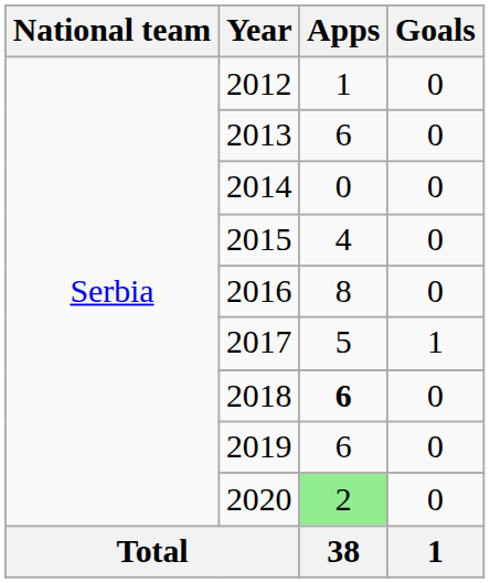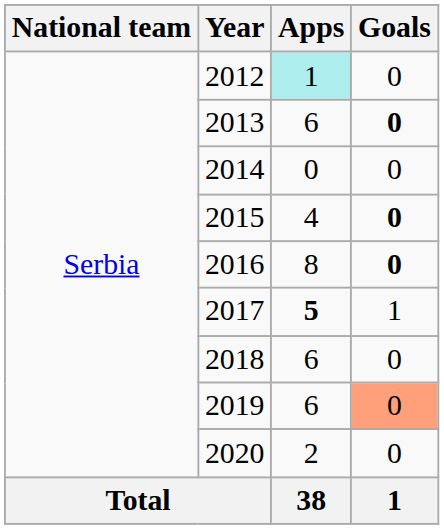 <table class="wikitable" style="text-align:center">
 <tr>
 <th>National team</th>
 <th>Year</th>
 <th>Apps</th>
 <th>Goals</th>
 </tr>
 <tr>
 <td rowspan="9"><a href='#'>Serbia</a></td>
 <td>2012</td>
-<td>1</td>
+<td style="background: paleturquoise;">1</td>
 <td>0</td>
 </tr>
 <tr>
 <td>2013</td>
 <td>6</td>
-<td>0</td>
+<td><strong>0</strong></td>
 </tr>
 <tr>
 <td>2014</td>
 <td>0</td>
 <td>0</td>
 </tr>
 <tr>
 <td>2015</td>
 <td>4</td>
-<td>0</td>
+<td><strong>0</strong></td>
 </tr>
 <tr>
 <td>2016</td>
 <td>8</td>
-<td>0</td>
+<td><strong>0</strong></td>
 </tr>
 <tr>
 <td>2017</td>
-<td>5</td>
+<td><strong>5</strong></td>
 <td>1</td>
 </tr>
 <tr>
 <td>2018</td>
-<td><strong>6</strong></td>
+<td>6</td>
 <td>0</td>
 </tr>
 <tr>
 <td>2019</td>
 <td>6</td>
-<td>0</td>
+<td style="background: lightsalmon;">0</td>
 </tr>
 <tr>
 <td>2020</td>
-<td style="background: lightgreen;">2</td>
+<td>2</td>
 <td>0</td>
 </tr>
 <tr>
 <th colspan="2">Total</th>
 <th>38</th>
 <th>1</th>
 </tr>
 </table>
